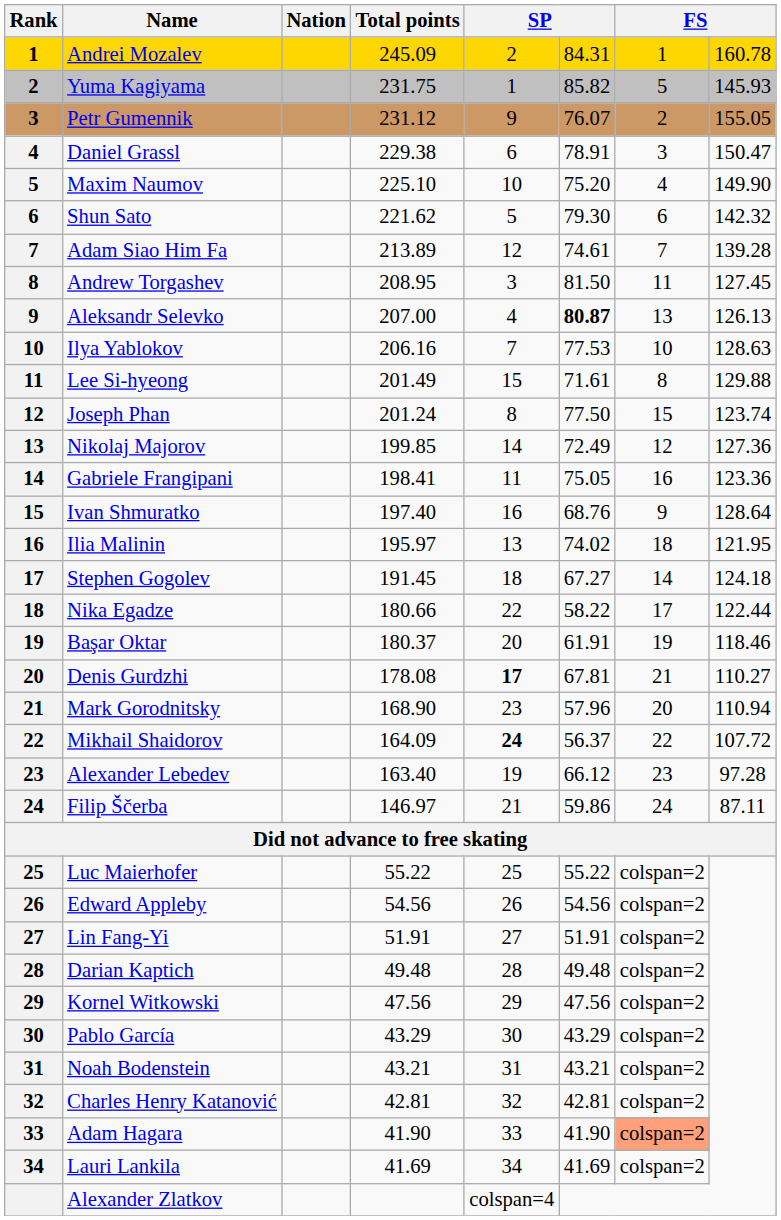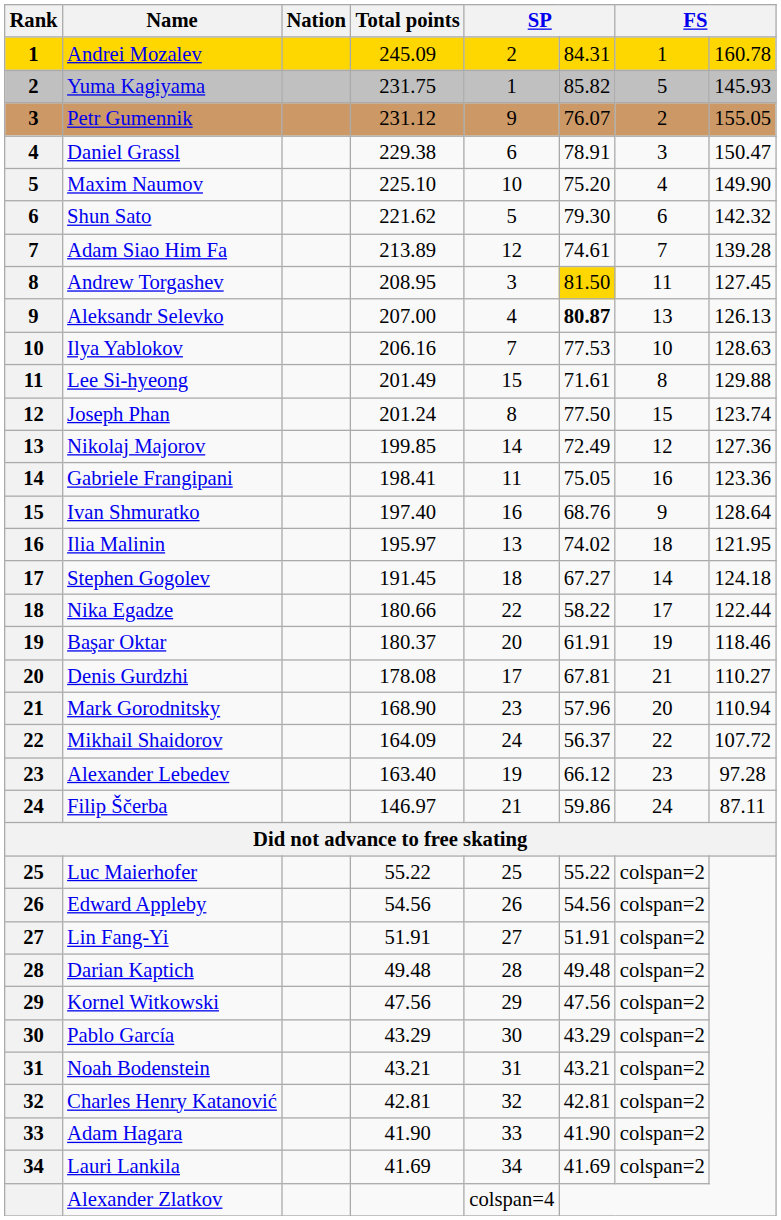 <table class="wikitable sortable">
 <tr>
 <th>Rank</th>
 <th>Name</th>
 <th>Nation</th>
 <th>Total points</th>
 <th colspan="2" width="80px"><a href='#'>SP</a></th>
 <th colspan="2" width="80px"><a href='#'>FS</a></th>
 </tr>
 <tr bgcolor="gold">
 <td align="center"><strong>1</strong></td>
 <td><a href='#'>Andrei Mozalev</a></td>
 <td></td>
 <td align="center">245.09</td>
 <td align="center">2</td>
 <td align="center">84.31</td>
 <td align="center">1</td>
 <td align="center">160.78</td>
 </tr>
 <tr bgcolor="silver">
 <td align="center"><strong>2</strong></td>
 <td><a href='#'>Yuma Kagiyama</a></td>
 <td></td>
 <td align="center">231.75</td>
 <td align="center">1</td>
 <td align="center">85.82</td>
 <td align="center">5</td>
 <td align="center">145.93</td>
 </tr>
 <tr bgcolor="cc9966">
 <td align="center"><strong>3</strong></td>
 <td><a href='#'>Petr Gumennik</a></td>
 <td></td>
 <td align="center">231.12</td>
 <td align="center">9</td>
 <td align="center">76.07</td>
 <td align="center">2</td>
 <td align="center">155.05</td>
 </tr>
 <tr>
 <th>4</th>
 <td><a href='#'>Daniel Grassl</a></td>
 <td></td>
 <td align="center">229.38</td>
 <td align="center">6</td>
 <td align="center">78.91</td>
 <td align="center">3</td>
 <td align="center">150.47</td>
 </tr>
 <tr>
 <th>5</th>
 <td><a href='#'>Maxim Naumov</a></td>
 <td></td>
 <td align="center">225.10</td>
 <td align="center">10</td>
 <td align="center">75.20</td>
 <td align="center">4</td>
 <td align="center">149.90</td>
 </tr>
 <tr>
 <th>6</th>
 <td><a href='#'>Shun Sato</a></td>
 <td></td>
 <td align="center">221.62</td>
 <td align="center">5</td>
 <td align="center">79.30</td>
 <td align="center">6</td>
 <td align="center">142.32</td>
 </tr>
 <tr>
 <th>7</th>
 <td><a href='#'>Adam Siao Him Fa</a></td>
 <td></td>
 <td align="center">213.89</td>
 <td align="center">12</td>
 <td align="center">74.61</td>
 <td align="center">7</td>
 <td align="center">139.28</td>
 </tr>
 <tr>
 <th>8</th>
 <td><a href='#'>Andrew Torgashev</a></td>
 <td></td>
 <td align="center">208.95</td>
 <td align="center">3</td>
-<td align="center">81.50</td>
+<td align="center" style="background: gold;">81.50</td>
 <td align="center">11</td>
 <td align="center">127.45</td>
 </tr>
 <tr>
 <th>9</th>
 <td><a href='#'>Aleksandr Selevko</a></td>
 <td></td>
 <td align="center">207.00</td>
 <td align="center">4</td>
 <td align="center"><strong>80.87</strong></td>
 <td align="center">13</td>
 <td align="center">126.13</td>
 </tr>
 <tr>
 <th>10</th>
 <td><a href='#'>Ilya Yablokov</a></td>
 <td></td>
 <td align="center">206.16</td>
 <td align="center">7</td>
 <td align="center">77.53</td>
 <td align="center">10</td>
 <td align="center">128.63</td>
 </tr>
 <tr>
 <th>11</th>
 <td><a href='#'>Lee Si-hyeong</a></td>
 <td></td>
 <td align="center">201.49</td>
 <td align="center">15</td>
 <td align="center">71.61</td>
 <td align="center">8</td>
 <td align="center">129.88</td>
 </tr>
 <tr>
 <th>12</th>
 <td><a href='#'>Joseph Phan</a></td>
 <td></td>
 <td align="center">201.24</td>
 <td align="center">8</td>
 <td align="center">77.50</td>
 <td align="center">15</td>
 <td align="center">123.74</td>
 </tr>
 <tr>
 <th>13</th>
 <td><a href='#'>Nikolaj Majorov</a></td>
 <td></td>
 <td align="center">199.85</td>
 <td align="center">14</td>
 <td align="center">72.49</td>
 <td align="center">12</td>
 <td align="center">127.36</td>
 </tr>
 <tr>
 <th>14</th>
 <td><a href='#'>Gabriele Frangipani</a></td>
 <td></td>
 <td align="center">198.41</td>
 <td align="center">11</td>
 <td align="center">75.05</td>
 <td align="center">16</td>
 <td align="center">123.36</td>
 </tr>
 <tr>
 <th>15</th>
 <td><a href='#'>Ivan Shmuratko</a></td>
 <td></td>
 <td align="center">197.40</td>
 <td align="center">16</td>
 <td align="center">68.76</td>
 <td align="center">9</td>
 <td align="center">128.64</td>
 </tr>
 <tr>
 <th>16</th>
 <td><a href='#'>Ilia Malinin</a></td>
 <td></td>
 <td align="center">195.97</td>
 <td align="center">13</td>
 <td align="center">74.02</td>
 <td align="center">18</td>
 <td align="center">121.95</td>
 </tr>
 <tr>
 <th>17</th>
 <td><a href='#'>Stephen Gogolev</a></td>
 <td></td>
 <td align="center">191.45</td>
 <td align="center">18</td>
 <td align="center">67.27</td>
 <td align="center">14</td>
 <td align="center">124.18</td>
 </tr>
 <tr>
 <th>18</th>
 <td><a href='#'>Nika Egadze</a></td>
 <td></td>
 <td align="center">180.66</td>
 <td align="center">22</td>
 <td align="center">58.22</td>
 <td align="center">17</td>
 <td align="center">122.44</td>
 </tr>
 <tr>
 <th>19</th>
 <td><a href='#'>Başar Oktar</a></td>
 <td></td>
 <td align="center">180.37</td>
 <td align="center">20</td>
 <td align="center">61.91</td>
 <td align="center">19</td>
 <td align="center">118.46</td>
 </tr>
 <tr>
 <th>20</th>
 <td><a href='#'>Denis Gurdzhi</a></td>
 <td></td>
 <td align="center">178.08</td>
-<td align="center"><strong>17</strong></td>
+<td align="center">17</td>
 <td align="center">67.81</td>
 <td align="center">21</td>
 <td align="center">110.27</td>
 </tr>
 <tr>
 <th>21</th>
 <td><a href='#'>Mark Gorodnitsky</a></td>
 <td></td>
 <td align="center">168.90</td>
 <td align="center">23</td>
 <td align="center">57.96</td>
 <td align="center">20</td>
 <td align="center">110.94</td>
 </tr>
 <tr>
 <th>22</th>
 <td><a href='#'>Mikhail Shaidorov</a></td>
 <td></td>
 <td align="center">164.09</td>
-<td align="center"><strong>24</strong></td>
+<td align="center">24</td>
 <td align="center">56.37</td>
 <td align="center">22</td>
 <td align="center">107.72</td>
 </tr>
 <tr>
 <th>23</th>
 <td><a href='#'>Alexander Lebedev</a></td>
 <td></td>
 <td align="center">163.40</td>
 <td align="center">19</td>
 <td align="center">66.12</td>
 <td align="center">23</td>
 <td align="center">97.28</td>
 </tr>
 <tr>
 <th>24</th>
 <td><a href='#'>Filip Ščerba</a></td>
 <td></td>
 <td align="center">146.97</td>
 <td align="center">21</td>
 <td align="center">59.86</td>
 <td align="center">24</td>
 <td align="center">87.11</td>
 </tr>
 <tr>
 <th colspan=8>Did not advance to free skating</th>
 </tr>
 <tr>
 <th>25</th>
 <td><a href='#'>Luc Maierhofer</a></td>
 <td></td>
 <td align="center">55.22</td>
 <td align="center">25</td>
 <td align="center">55.22</td>
 <td>colspan=2 </td>
 </tr>
 <tr>
 <th>26</th>
 <td><a href='#'>Edward Appleby</a></td>
 <td></td>
 <td align="center">54.56</td>
 <td align="center">26</td>
 <td align="center">54.56</td>
 <td>colspan=2 </td>
 </tr>
 <tr>
 <th>27</th>
 <td><a href='#'>Lin Fang-Yi</a></td>
 <td></td>
 <td align="center">51.91</td>
 <td align="center">27</td>
 <td align="center">51.91</td>
 <td>colspan=2 </td>
 </tr>
 <tr>
 <th>28</th>
 <td><a href='#'>Darian Kaptich</a></td>
 <td></td>
 <td align="center">49.48</td>
 <td align="center">28</td>
 <td align="center">49.48</td>
 <td>colspan=2 </td>
 </tr>
 <tr>
 <th>29</th>
 <td><a href='#'>Kornel Witkowski</a></td>
 <td></td>
 <td align="center">47.56</td>
 <td align="center">29</td>
 <td align="center">47.56</td>
 <td>colspan=2 </td>
 </tr>
 <tr>
 <th>30</th>
 <td><a href='#'>Pablo García</a></td>
 <td></td>
 <td align="center">43.29</td>
 <td align="center">30</td>
 <td align="center">43.29</td>
 <td>colspan=2 </td>
 </tr>
 <tr>
 <th>31</th>
 <td><a href='#'>Noah Bodenstein</a></td>
 <td></td>
 <td align="center">43.21</td>
 <td align="center">31</td>
 <td align="center">43.21</td>
 <td>colspan=2 </td>
 </tr>
 <tr>
 <th>32</th>
 <td><a href='#'>Charles Henry Katanović</a></td>
 <td></td>
 <td align="center">42.81</td>
 <td align="center">32</td>
 <td align="center">42.81</td>
 <td>colspan=2 </td>
 </tr>
 <tr>
 <th>33</th>
 <td><a href='#'>Adam Hagara</a></td>
 <td></td>
 <td align="center">41.90</td>
 <td align="center">33</td>
 <td align="center">41.90</td>
-<td style="background: lightsalmon;">colspan=2 </td>
+<td>colspan=2 </td>
 </tr>
 <tr>
 <th>34</th>
 <td><a href='#'>Lauri Lankila</a></td>
 <td></td>
 <td align="center">41.69</td>
 <td align="center">34</td>
 <td align="center">41.69</td>
 <td>colspan=2 </td>
 </tr>
 <tr>
 <th></th>
 <td><a href='#'>Alexander Zlatkov</a></td>
 <td></td>
 <td></td>
 <td>colspan=4 </td>
 </tr>
 </table>
